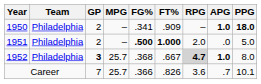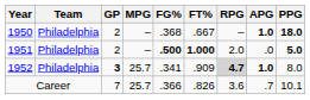 <table class="wikitable sortable" style="font-size:95%; text-align:right;">
 <tr>
 <th>Year</th>
 <th>Team</th>
 <th>GP</th>
 <th>MPG</th>
 <th>FG%</th>
 <th>FT%</th>
 <th>RPG</th>
 <th>APG</th>
 <th>PPG</th>
 </tr>
 <tr>
 <td style="text-align:left;"><a href='#'>1950</a></td>
 <td style="text-align:left;"><a href='#'>Philadelphia</a></td>
 <td>2</td>
 <td>–</td>
-<td>.341</td>
-<td>.909</td>
+<td>.368</td>
+<td>.667</td>
 <td>–</td>
 <td><strong>1.0</strong></td>
 <td><strong>18.0</strong></td>
 </tr>
 <tr>
 <td style="text-align:left;"><a href='#'>1951</a></td>
 <td style="text-align:left;"><a href='#'>Philadelphia</a></td>
 <td>2</td>
 <td>–</td>
 <td><strong>.500</strong></td>
 <td><strong>1.000</strong></td>
 <td>2.0</td>
 <td>.0</td>
-<td>5.0</td>
+<td><strong>5.0</strong></td>
 </tr>
 <tr>
 <td style="text-align:left;"><a href='#'>1952</a></td>
 <td style="text-align:left;"><a href='#'>Philadelphia</a></td>
 <td><strong>3</strong></td>
 <td>25.7</td>
-<td>.368</td>
-<td>.667</td>
+<td>.341</td>
+<td>.909</td>
 <td style="background: lightgrey;"><strong>4.7</strong></td>
 <td><strong>1.0</strong></td>
 <td>8.0</td>
 </tr>
 <tr>
 <td colspan="2" style="text-align:center;">Career</td>
 <td>7</td>
 <td>25.7</td>
 <td>.366</td>
 <td>.826</td>
 <td>3.6</td>
 <td>.7</td>
 <td>10.1</td>
 </tr>
 </table>
